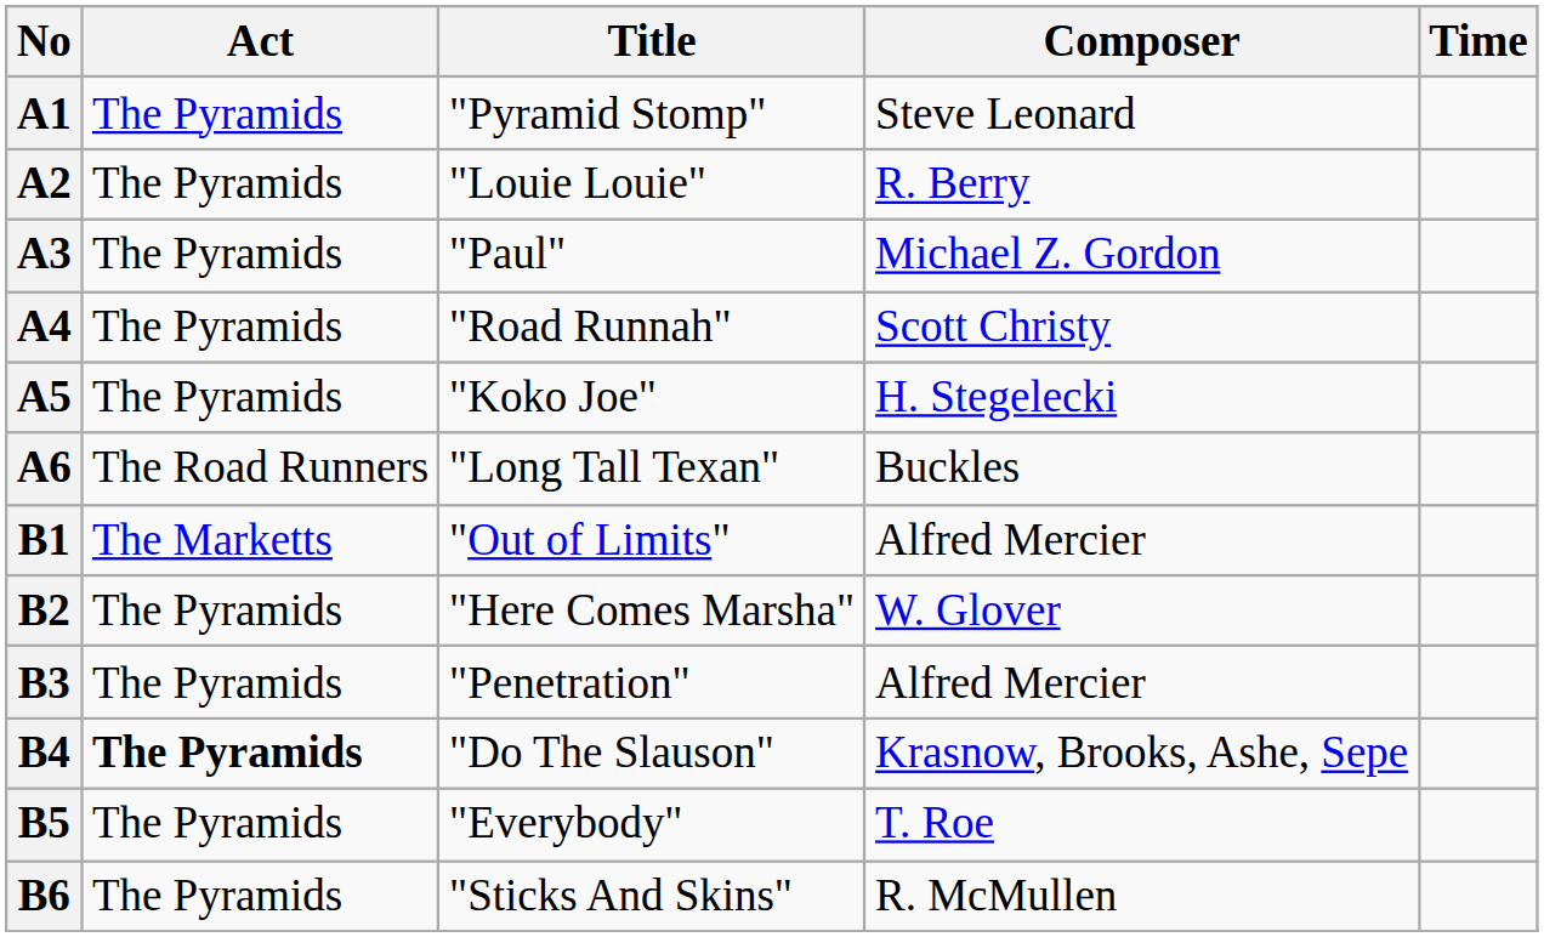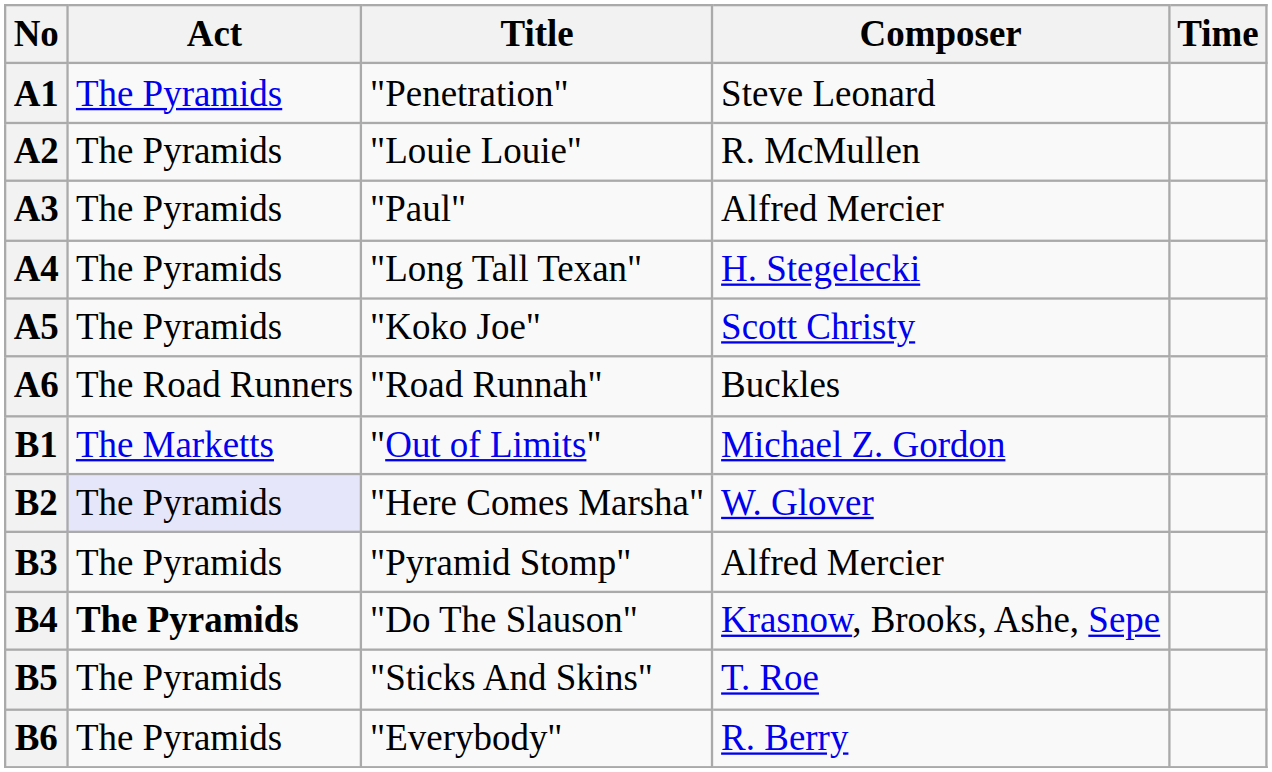 <table class="wikitable plainrowheaders sortable">
 <tr>
 <th scope="col">No</th>
 <th scope="col">Act</th>
 <th scope="col">Title</th>
 <th scope="col">Composer</th>
 <th scope="col" class="unsortable">Time</th>
 </tr>
 <tr>
 <th scope="row">A1</th>
 <td><a href='#'>The Pyramids</a></td>
-<td>"Pyramid Stomp"</td>
+<td>"Penetration"</td>
 <td>Steve Leonard</td>
 <td></td>
 </tr>
 <tr>
 <th scope="row">A2</th>
 <td>The Pyramids</td>
 <td>"Louie Louie"</td>
-<td><a href='#'>R. Berry</a></td>
+<td>R. McMullen</td>
 <td></td>
 </tr>
 <tr>
 <th scope="row">A3</th>
 <td>The Pyramids</td>
 <td>"Paul"</td>
-<td><a href='#'>Michael Z. Gordon</a></td>
+<td>Alfred Mercier</td>
 <td></td>
 </tr>
 <tr>
 <th scope="row">A4</th>
 <td>The Pyramids</td>
-<td>"Road Runnah"</td>
-<td><a href='#'>Scott Christy</a></td>
+<td>"Long Tall Texan"</td>
+<td><a href='#'>H. Stegelecki</a></td>
 <td></td>
 </tr>
 <tr>
 <th scope="row">A5</th>
 <td>The Pyramids</td>
 <td>"Koko Joe"</td>
-<td><a href='#'>H. Stegelecki</a></td>
+<td><a href='#'>Scott Christy</a></td>
 <td></td>
 </tr>
 <tr>
 <th scope="row">A6</th>
 <td>The Road Runners</td>
-<td>"Long Tall Texan"</td>
+<td>"Road Runnah"</td>
 <td>Buckles</td>
 <td></td>
 </tr>
 <tr>
 <th scope="row">B1</th>
 <td><a href='#'>The Marketts</a></td>
 <td>"<a href='#'>Out of Limits</a>"</td>
-<td>Alfred Mercier</td>
+<td><a href='#'>Michael Z. Gordon</a></td>
 <td></td>
 </tr>
 <tr>
 <th scope="row">B2</th>
-<td>The Pyramids</td>
+<td style="background: lavender;">The Pyramids</td>
 <td>"Here Comes Marsha"</td>
 <td><a href='#'>W. Glover</a></td>
 <td></td>
 </tr>
 <tr>
 <th scope="row">B3</th>
 <td>The Pyramids</td>
-<td>"Penetration"</td>
+<td>"Pyramid Stomp"</td>
 <td>Alfred Mercier</td>
 <td></td>
 </tr>
 <tr>
 <th scope="row">B4</th>
 <td><strong>The Pyramids</strong></td>
 <td>"Do The Slauson"</td>
 <td><a href='#'>Krasnow</a>, Brooks, Ashe, <a href='#'>Sepe</a></td>
 <td></td>
 </tr>
 <tr>
 <th scope="row">B5</th>
 <td>The Pyramids</td>
-<td>"Everybody"</td>
+<td>"Sticks And Skins"</td>
 <td><a href='#'>T. Roe</a></td>
 <td></td>
 </tr>
 <tr>
 <th scope="row">B6</th>
 <td>The Pyramids</td>
-<td>"Sticks And Skins"</td>
-<td>R. McMullen</td>
+<td>"Everybody"</td>
+<td><a href='#'>R. Berry</a></td>
 <td></td>
 </tr>
 <tr>
 </tr>
 </table>
